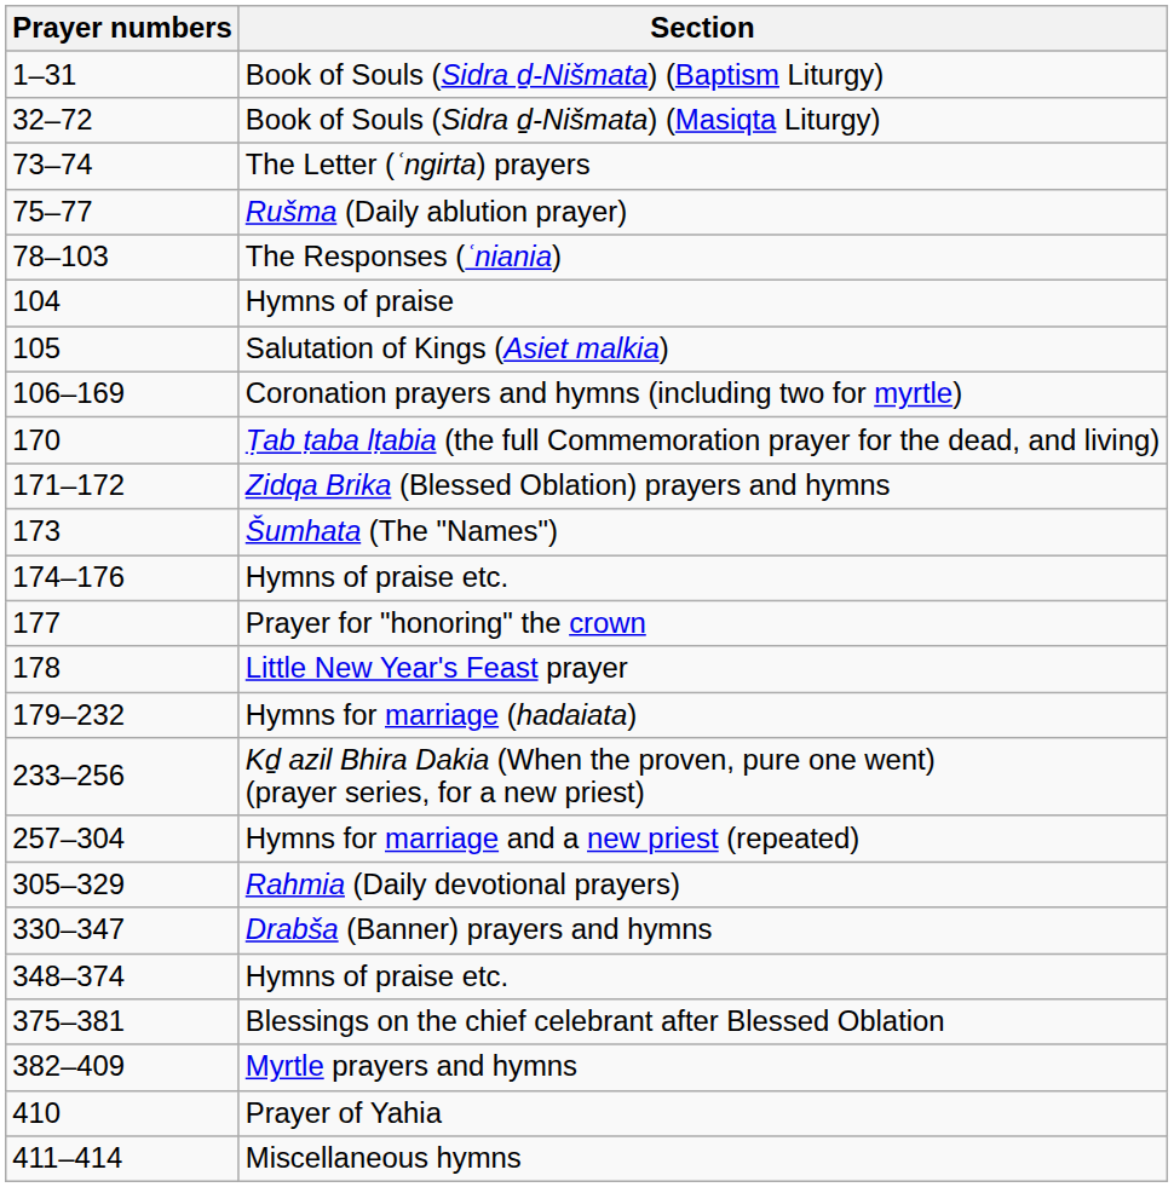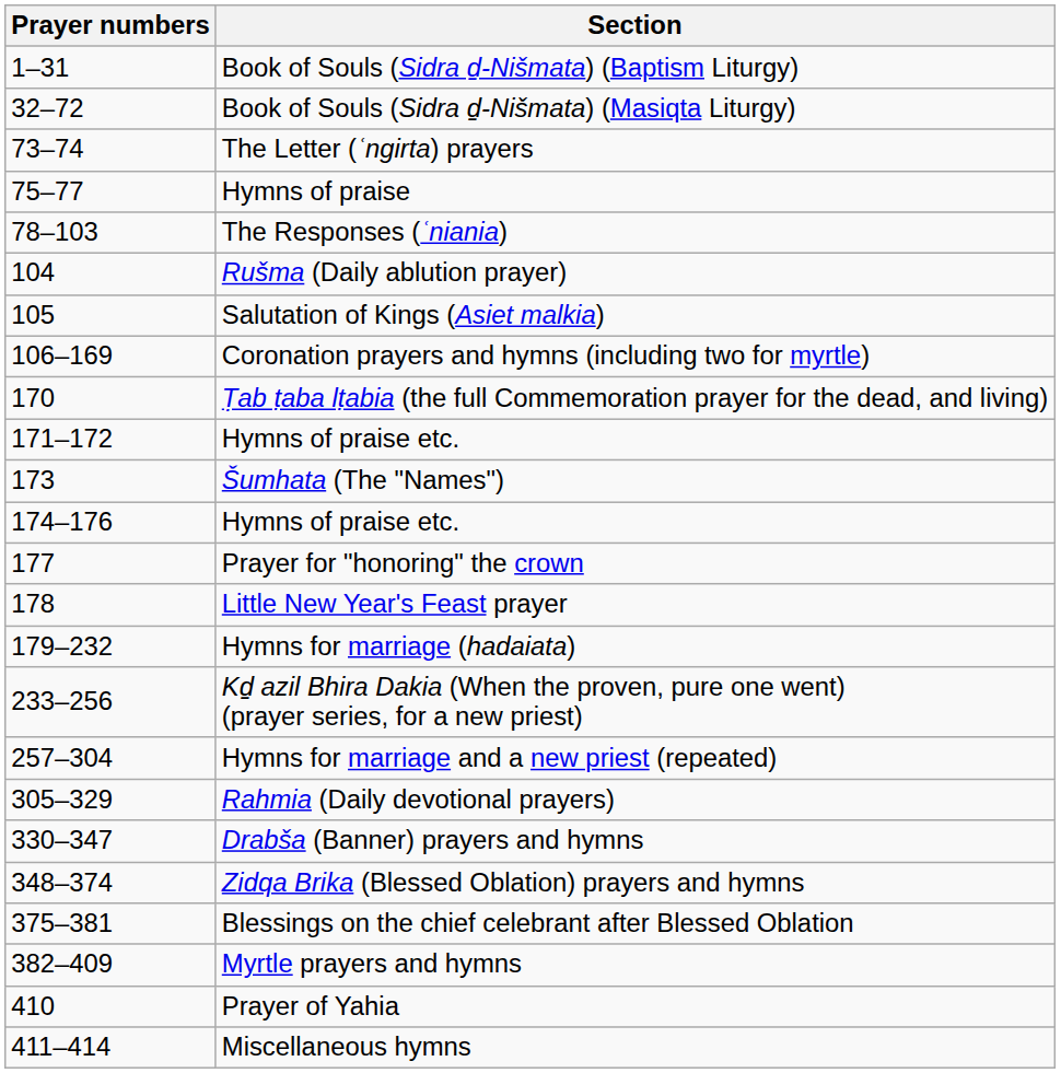 <table class="wikitable">
 <tr>
 <th>Prayer numbers</th>
 <th>Section</th>
 </tr>
 <tr>
 <td>1–31</td>
 <td>Book of Souls (<em><a href='#'>Sidra ḏ-Nišmata</a></em>) (<a href='#'>Baptism</a> Liturgy)</td>
 </tr>
 <tr>
 <td>32–72</td>
 <td>Book of Souls (<em>Sidra ḏ-Nišmata</em>) (<a href='#'>Masiqta</a> Liturgy)</td>
 </tr>
 <tr>
 <td>73–74</td>
 <td>The Letter (<em>ʿngirta</em>) prayers</td>
 </tr>
 <tr>
 <td>75–77</td>
-<td><em><a href='#'>Rušma</a></em> (Daily ablution prayer)</td>
+<td>Hymns of praise</td>
 </tr>
 <tr>
 <td>78–103</td>
 <td>The Responses (<em><a href='#'>ʿniania</a></em>)</td>
 </tr>
 <tr>
 <td>104</td>
-<td>Hymns of praise</td>
+<td><em><a href='#'>Rušma</a></em> (Daily ablution prayer)</td>
 </tr>
 <tr>
 <td>105</td>
 <td>Salutation of Kings (<em><a href='#'>Asiet malkia</a></em>)</td>
 </tr>
 <tr>
 <td>106–169</td>
 <td>Coronation prayers and hymns (including two for <a href='#'>myrtle</a>)</td>
 </tr>
 <tr>
 <td>170</td>
 <td><em><a href='#'>Ṭab ṭaba lṭabia</a></em> (the full Commemoration prayer for the dead, and living)</td>
 </tr>
 <tr>
 <td>171–172</td>
-<td><em><a href='#'>Zidqa Brika</a></em> (Blessed Oblation) prayers and hymns</td>
+<td>Hymns of praise etc.</td>
 </tr>
 <tr>
 <td>173</td>
 <td><em><a href='#'>Šumhata</a></em> (The "Names")</td>
 </tr>
 <tr>
 <td>174–176</td>
 <td>Hymns of praise etc.</td>
 </tr>
 <tr>
 <td>177</td>
 <td>Prayer for "honoring" the <a href='#'>crown</a></td>
 </tr>
 <tr>
 <td>178</td>
 <td><a href='#'>Little New Year's Feast</a> prayer</td>
 </tr>
 <tr>
 <td>179–232</td>
 <td>Hymns for <a href='#'>marriage</a> (<em>hadaiata</em>)</td>
 </tr>
 <tr>
 <td>233–256</td>
 <td><em>Kḏ azil Bhira Dakia</em> (When the proven, pure one went)<br>(prayer series, for a new priest)</td>
 </tr>
 <tr>
 <td>257–304</td>
 <td>Hymns for <a href='#'>marriage</a> and a <a href='#'>new priest</a> (repeated)</td>
 </tr>
 <tr>
 <td>305–329</td>
 <td><em><a href='#'>Rahmia</a></em> (Daily devotional prayers)</td>
 </tr>
 <tr>
 <td>330–347</td>
 <td><em><a href='#'>Drabša</a></em> (Banner) prayers and hymns</td>
 </tr>
 <tr>
 <td>348–374</td>
-<td>Hymns of praise etc.</td>
+<td><em><a href='#'>Zidqa Brika</a></em> (Blessed Oblation) prayers and hymns</td>
 </tr>
 <tr>
 <td>375–381</td>
 <td>Blessings on the chief celebrant after Blessed Oblation</td>
 </tr>
 <tr>
 <td>382–409</td>
 <td><a href='#'>Myrtle</a> prayers and hymns</td>
 </tr>
 <tr>
 <td>410</td>
 <td>Prayer of Yahia</td>
 </tr>
 <tr>
 <td>411–414</td>
 <td>Miscellaneous hymns</td>
 </tr>
 </table>
